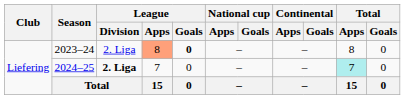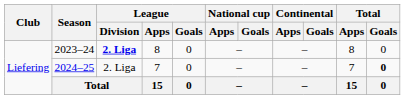 <table class="wikitable" style="text-align:center">
 <tr>
 <th rowspan=2>Club</th>
 <th rowspan=2>Season</th>
 <th colspan=3>League</th>
 <th colspan=2>National cup</th>
 <th colspan=2>Continental</th>
 <th colspan=2>Total</th>
 </tr>
 <tr>
 <th>Division</th>
 <th>Apps</th>
 <th>Goals</th>
 <th>Apps</th>
 <th>Goals</th>
 <th>Apps</th>
 <th>Goals</th>
 <th>Apps</th>
 <th>Goals</th>
 </tr>
 <tr>
 <td rowspan=3><a href='#'>Liefering</a></td>
 <td>2023–24</td>
-<td><a href='#'>2. Liga</a></td>
-<td style="background: lightsalmon;">8</td>
-<td><strong>0</strong></td>
+<td><strong><a href='#'>2. Liga</a></strong></td>
+<td>8</td>
+<td>0</td>
 <td colspan=2>–</td>
 <td colspan=2>–</td>
 <td>8</td>
 <td>0</td>
 </tr>
 <tr>
 <td><a href='#'>2024–25</a></td>
-<td><strong>2. Liga</strong></td>
+<td>2. Liga</td>
 <td>7</td>
 <td>0</td>
 <td colspan=2>–</td>
 <td colspan=2>–</td>
-<td style="background: paleturquoise;">7</td>
-<td>0</td>
+<td>7</td>
+<td><strong>0</strong></td>
 </tr>
 <tr>
 <th colspan=2>Total</th>
 <th>15</th>
 <th>0</th>
 <th colspan=2>–</th>
 <th colspan=2>–</th>
 <th>15</th>
 <th>0</th>
 </tr>
 </table>
